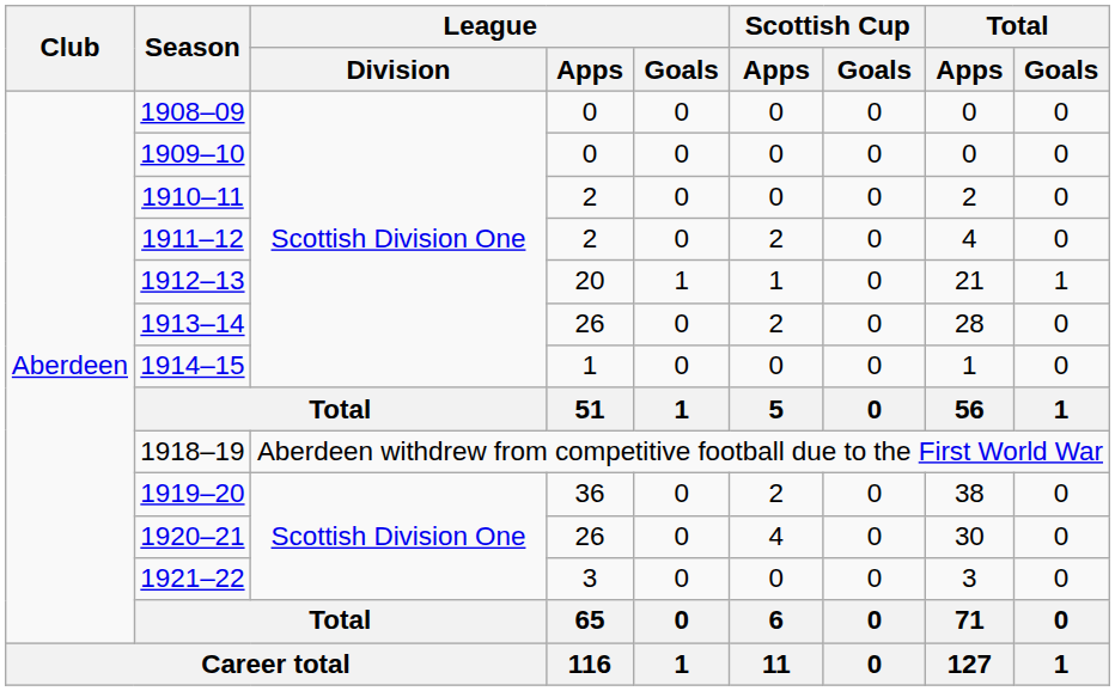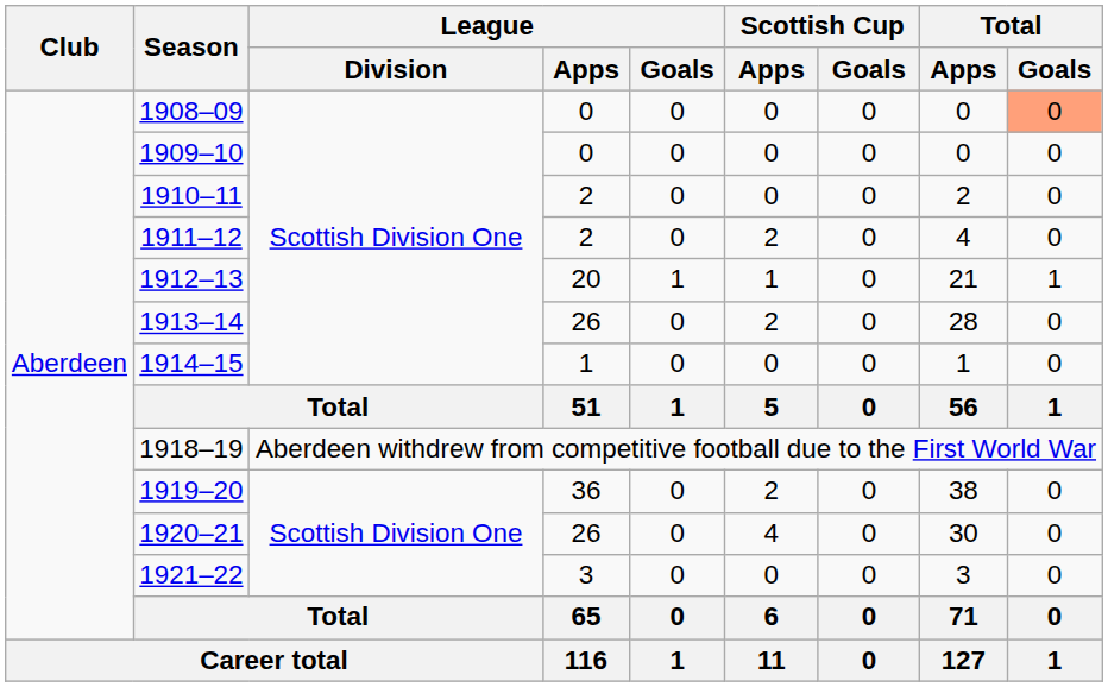 <table class="wikitable" style="text-align:center">
 <tr>
 <th rowspan="2">Club</th>
 <th rowspan="2">Season</th>
 <th colspan="3">League</th>
 <th colspan="2">Scottish Cup</th>
 <th colspan="2">Total</th>
 </tr>
 <tr>
 <th>Division</th>
 <th>Apps</th>
 <th>Goals</th>
 <th>Apps</th>
 <th>Goals</th>
 <th>Apps</th>
 <th>Goals</th>
 </tr>
 <tr>
 <td rowspan="13"><a href='#'>Aberdeen</a></td>
 <td><a href='#'>1908–09</a></td>
 <td rowspan="7"><a href='#'>Scottish Division One</a></td>
 <td>0</td>
 <td>0</td>
 <td>0</td>
 <td>0</td>
 <td>0</td>
-<td>0</td>
+<td style="background: lightsalmon;">0</td>
 </tr>
 <tr>
 <td><a href='#'>1909–10</a></td>
 <td>0</td>
 <td>0</td>
 <td>0</td>
 <td>0</td>
 <td>0</td>
 <td>0</td>
 </tr>
 <tr>
 <td><a href='#'>1910–11</a></td>
 <td>2</td>
 <td>0</td>
 <td>0</td>
 <td>0</td>
 <td>2</td>
 <td>0</td>
 </tr>
 <tr>
 <td><a href='#'>1911–12</a></td>
 <td>2</td>
 <td>0</td>
 <td>2</td>
 <td>0</td>
 <td>4</td>
 <td>0</td>
 </tr>
 <tr>
 <td><a href='#'>1912–13</a></td>
 <td>20</td>
 <td>1</td>
 <td>1</td>
 <td>0</td>
 <td>21</td>
 <td>1</td>
 </tr>
 <tr>
 <td><a href='#'>1913–14</a></td>
 <td>26</td>
 <td>0</td>
 <td>2</td>
 <td>0</td>
 <td>28</td>
 <td>0</td>
 </tr>
 <tr>
 <td><a href='#'>1914–15</a></td>
 <td>1</td>
 <td>0</td>
 <td>0</td>
 <td>0</td>
 <td>1</td>
 <td>0</td>
 </tr>
 <tr>
 <th colspan="2">Total</th>
 <th>51</th>
 <th>1</th>
 <th>5</th>
 <th>0</th>
 <th>56</th>
 <th>1</th>
 </tr>
 <tr>
 <td>1918–19</td>
 <td colspan="7">Aberdeen withdrew from competitive football due to the <a href='#'>First World War</a></td>
 </tr>
 <tr>
 <td><a href='#'>1919–20</a></td>
 <td rowspan="3"><a href='#'>Scottish Division One</a></td>
 <td>36</td>
 <td>0</td>
 <td>2</td>
 <td>0</td>
 <td>38</td>
 <td>0</td>
 </tr>
 <tr>
 <td><a href='#'>1920–21</a></td>
 <td>26</td>
 <td>0</td>
 <td>4</td>
 <td>0</td>
 <td>30</td>
 <td>0</td>
 </tr>
 <tr>
 <td><a href='#'>1921–22</a></td>
 <td>3</td>
 <td>0</td>
 <td>0</td>
 <td>0</td>
 <td>3</td>
 <td>0</td>
 </tr>
 <tr>
 <th colspan="2">Total</th>
 <th>65</th>
 <th>0</th>
 <th>6</th>
 <th>0</th>
 <th>71</th>
 <th>0</th>
 </tr>
 <tr>
 <th colspan="3">Career total</th>
 <th>116</th>
 <th>1</th>
 <th>11</th>
 <th>0</th>
 <th>127</th>
 <th>1</th>
 </tr>
 </table>
